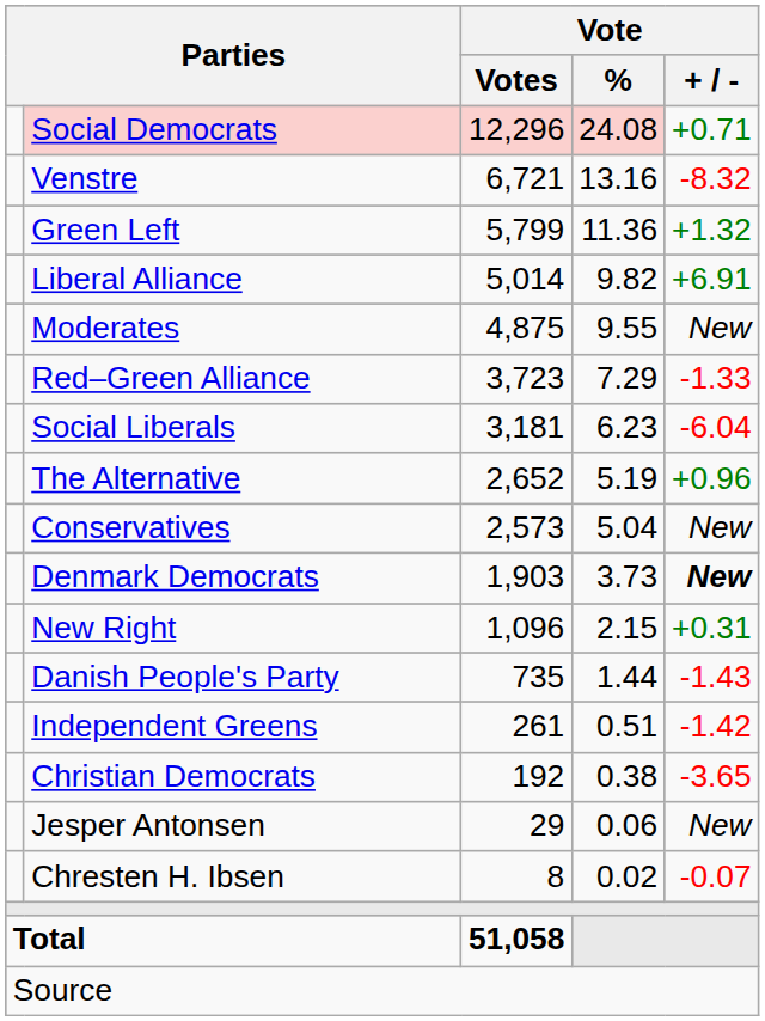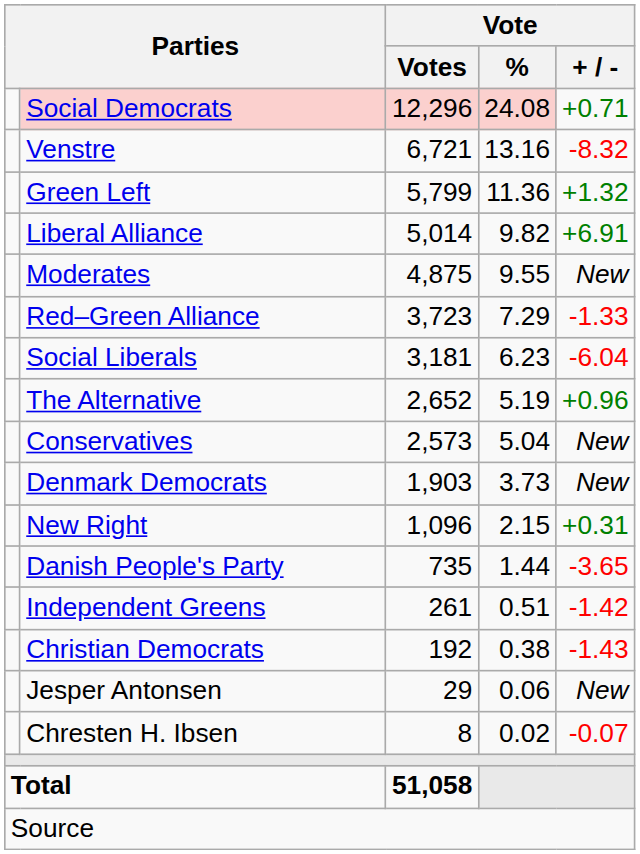 <table class="wikitable" style="text-align:right;">
 <tr>
 <th style="text-align:centre;" rowspan="2" colspan="2" width="225">Parties</th>
 <th colspan="3">Vote</th>
 </tr>
 <tr>
 <th width="15">Votes</th>
 <th width="15">%</th>
 <th width="15">+ / -</th>
 </tr>
 <tr>
 <td width="2" style="color:inherit;background:"></td>
 <td bgcolor=#fbd0ce  align="left"><a href='#'>Social Democrats</a></td>
 <td bgcolor=#fbd0ce>12,296</td>
 <td bgcolor=#fbd0ce>24.08</td>
 <td style=color:green;>+0.71</td>
 </tr>
 <tr>
 <td width="2" style="color:inherit;background:"></td>
 <td align="left"><a href='#'>Venstre</a></td>
 <td>6,721</td>
 <td>13.16</td>
 <td style=color:red;>-8.32</td>
 </tr>
 <tr>
 <td width="2" style="color:inherit;background:"></td>
 <td align="left"><a href='#'>Green Left</a></td>
 <td>5,799</td>
 <td>11.36</td>
 <td style=color:green;>+1.32</td>
 </tr>
 <tr>
 <td width="2" style="color:inherit;background:"></td>
 <td align="left"><a href='#'>Liberal Alliance</a></td>
 <td>5,014</td>
 <td>9.82</td>
 <td style=color:green;>+6.91</td>
 </tr>
 <tr>
 <td width="2" style="color:inherit;background:"></td>
 <td align="left"><a href='#'>Moderates</a></td>
 <td>4,875</td>
 <td>9.55</td>
 <td><em>New</em></td>
 </tr>
 <tr>
 <td width="2" style="color:inherit;background:"></td>
 <td align="left"><a href='#'>Red–Green Alliance</a></td>
 <td>3,723</td>
 <td>7.29</td>
 <td style=color:red;>-1.33</td>
 </tr>
 <tr>
 <td width="2" style="color:inherit;background:"></td>
 <td align="left"><a href='#'>Social Liberals</a></td>
 <td>3,181</td>
 <td>6.23</td>
 <td style=color:red;>-6.04</td>
 </tr>
 <tr>
 <td width="2" style="color:inherit;background:"></td>
 <td align="left"><a href='#'>The Alternative</a></td>
 <td>2,652</td>
 <td>5.19</td>
 <td style=color:green;>+0.96</td>
 </tr>
 <tr>
 <td width="2" style="color:inherit;background:"></td>
 <td align="left"><a href='#'>Conservatives</a></td>
 <td>2,573</td>
 <td>5.04</td>
 <td><em>New</em></td>
 </tr>
 <tr>
 <td width="2" style="color:inherit;background:"></td>
 <td align="left"><a href='#'>Denmark Democrats</a></td>
 <td>1,903</td>
 <td>3.73</td>
-<td><strong><em>New</em></strong></td>
+<td><em>New</em></td>
 </tr>
 <tr>
 <td width="2" style="color:inherit;background:"></td>
 <td align="left"><a href='#'>New Right</a></td>
 <td>1,096</td>
 <td>2.15</td>
 <td style=color:green;>+0.31</td>
 </tr>
 <tr>
 <td width="2" style="color:inherit;background:"></td>
 <td align="left"><a href='#'>Danish People's Party</a></td>
 <td>735</td>
 <td>1.44</td>
-<td style=color:red;>-1.43</td>
+<td style=color:red;>-3.65</td>
 </tr>
 <tr>
 <td width="2" style="color:inherit;background:"></td>
 <td align="left"><a href='#'>Independent Greens</a></td>
 <td>261</td>
 <td>0.51</td>
 <td style=color:red;>-1.42</td>
 </tr>
 <tr>
 <td width="2" style="color:inherit;background:"></td>
 <td align="left"><a href='#'>Christian Democrats</a></td>
 <td>192</td>
 <td>0.38</td>
-<td style=color:red;>-3.65</td>
+<td style=color:red;>-1.43</td>
 </tr>
 <tr>
 <td width="2" style="color:inherit;background:"></td>
 <td align="left">Jesper Antonsen</td>
 <td>29</td>
 <td>0.06</td>
 <td><em>New</em></td>
 </tr>
 <tr>
 <td width="2" style="color:inherit;background:"></td>
 <td align="left">Chresten H. Ibsen</td>
 <td>8</td>
 <td>0.02</td>
 <td style=color:red;>-0.07</td>
 </tr>
 <tr>
 <td colspan="7" bgcolor="#E9E9E9"></td>
 </tr>
 <tr>
 <td align="left" colspan="2"><strong>Total</strong></td>
 <td><strong>51,058</strong></td>
 <td bgcolor="#E9E9E9" colspan="2"></td>
 </tr>
 <tr>
 <td align="left" colspan="6">Source</td>
 </tr>
 </table>
